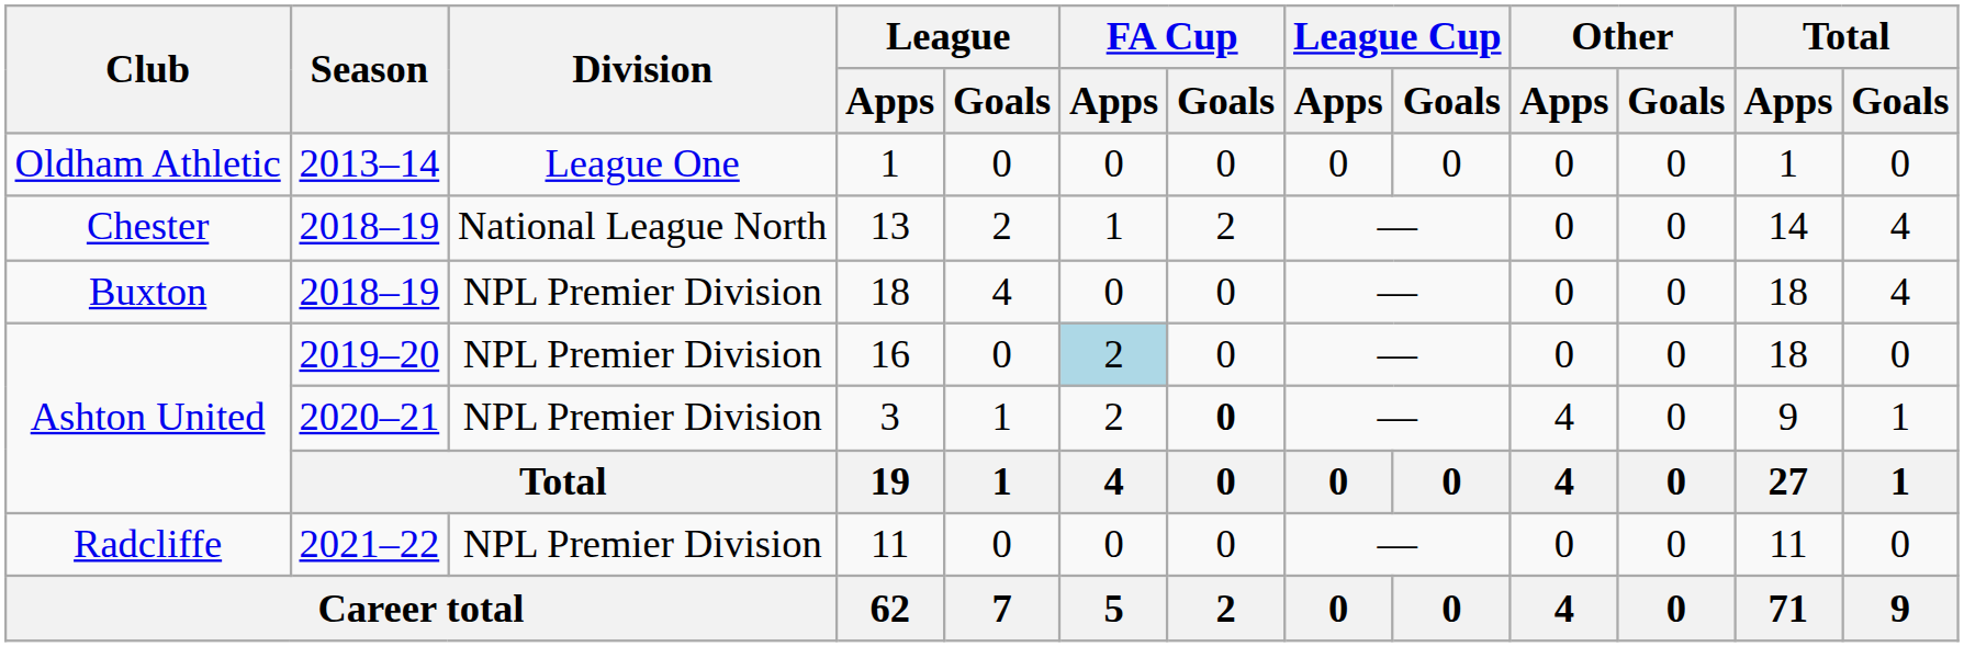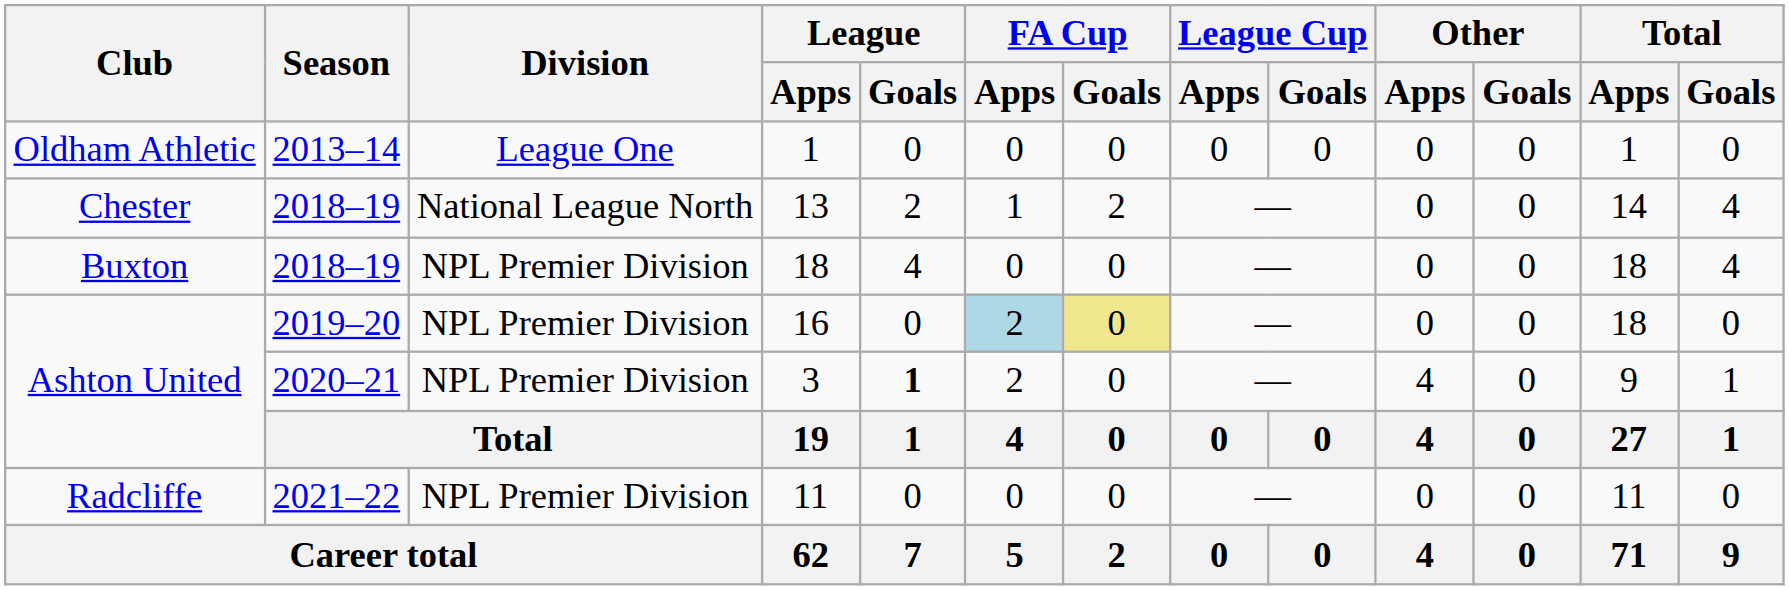 <table class="wikitable" style="text-align:center;">
 <tr>
 <th rowspan="2">Club</th>
 <th rowspan="2">Season</th>
 <th rowspan="2">Division</th>
 <th colspan="2">League</th>
 <th colspan="2"><a href='#'>FA Cup</a></th>
 <th colspan="2"><a href='#'>League Cup</a></th>
 <th colspan="2">Other</th>
 <th colspan="2">Total</th>
 </tr>
 <tr>
 <th>Apps</th>
 <th>Goals</th>
 <th>Apps</th>
 <th>Goals</th>
 <th>Apps</th>
 <th>Goals</th>
 <th>Apps</th>
 <th>Goals</th>
 <th>Apps</th>
 <th>Goals</th>
 </tr>
 <tr>
 <td><a href='#'>Oldham Athletic</a></td>
 <td><a href='#'>2013–14</a></td>
 <td><a href='#'>League One</a></td>
 <td>1</td>
 <td>0</td>
 <td>0</td>
 <td>0</td>
 <td>0</td>
 <td>0</td>
 <td>0</td>
 <td>0</td>
 <td>1</td>
 <td>0</td>
 </tr>
 <tr>
 <td><a href='#'>Chester</a></td>
 <td><a href='#'>2018–19</a></td>
 <td>National League North</td>
 <td>13</td>
 <td>2</td>
 <td>1</td>
 <td>2</td>
 <td colspan="2">—</td>
 <td>0</td>
 <td>0</td>
 <td>14</td>
 <td>4</td>
 </tr>
 <tr>
 <td><a href='#'>Buxton</a></td>
 <td><a href='#'>2018–19</a></td>
 <td>NPL Premier Division</td>
 <td>18</td>
 <td>4</td>
 <td>0</td>
 <td>0</td>
 <td colspan="2">—</td>
 <td>0</td>
 <td>0</td>
 <td>18</td>
 <td>4</td>
 </tr>
 <tr>
 <td rowspan="3"><a href='#'>Ashton United</a></td>
 <td><a href='#'>2019–20</a></td>
 <td>NPL Premier Division</td>
 <td>16</td>
 <td>0</td>
 <td style="background: lightblue;">2</td>
-<td>0</td>
+<td style="background: khaki;">0</td>
 <td colspan="2">—</td>
 <td>0</td>
 <td>0</td>
 <td>18</td>
 <td>0</td>
 </tr>
 <tr>
 <td><a href='#'>2020–21</a></td>
 <td>NPL Premier Division</td>
 <td>3</td>
-<td>1</td>
+<td><strong>1</strong></td>
 <td>2</td>
-<td><strong>0</strong></td>
+<td>0</td>
 <td colspan="2">—</td>
 <td>4</td>
 <td>0</td>
 <td>9</td>
 <td>1</td>
 </tr>
 <tr>
 <th colspan="2">Total</th>
 <th>19</th>
 <th>1</th>
 <th>4</th>
 <th>0</th>
 <th>0</th>
 <th>0</th>
 <th>4</th>
 <th>0</th>
 <th>27</th>
 <th>1</th>
 </tr>
 <tr>
 <td><a href='#'>Radcliffe</a></td>
 <td><a href='#'>2021–22</a></td>
 <td>NPL Premier Division</td>
 <td>11</td>
 <td>0</td>
 <td>0</td>
 <td>0</td>
 <td colspan="2">—</td>
 <td>0</td>
 <td>0</td>
 <td>11</td>
 <td>0</td>
 </tr>
 <tr>
 <th colspan="3">Career total</th>
 <th>62</th>
 <th>7</th>
 <th>5</th>
 <th>2</th>
 <th>0</th>
 <th>0</th>
 <th>4</th>
 <th>0</th>
 <th>71</th>
 <th>9</th>
 </tr>
 </table>
